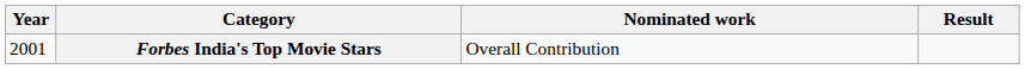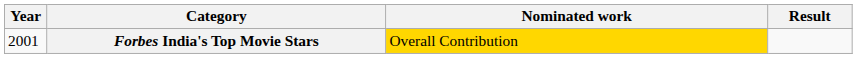 <table class="wikitable sortable plainrowheaders" style="width:100%;">
 <tr>
 <th scope="col" style="width:5%;">Year</th>
 <th scope="col" style="width:40%;">Category</th>
 <th scope="col" style="width:45%;">Nominated work</th>
 <th scope="col" style="width:10%;">Result</th>
 </tr>
 <tr>
 <td>2001</td>
 <th scope="row"><em>Forbes</em> India's Top Movie Stars</th>
-<td>Overall Contribution</td>
+<td style="background: gold;">Overall Contribution</td>
 <td></td>
 </tr>
 </table>
